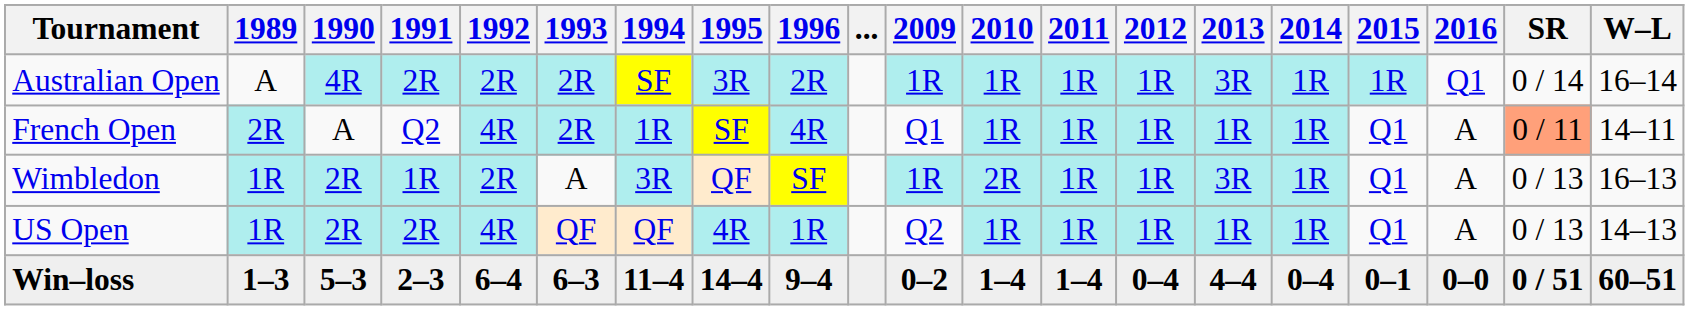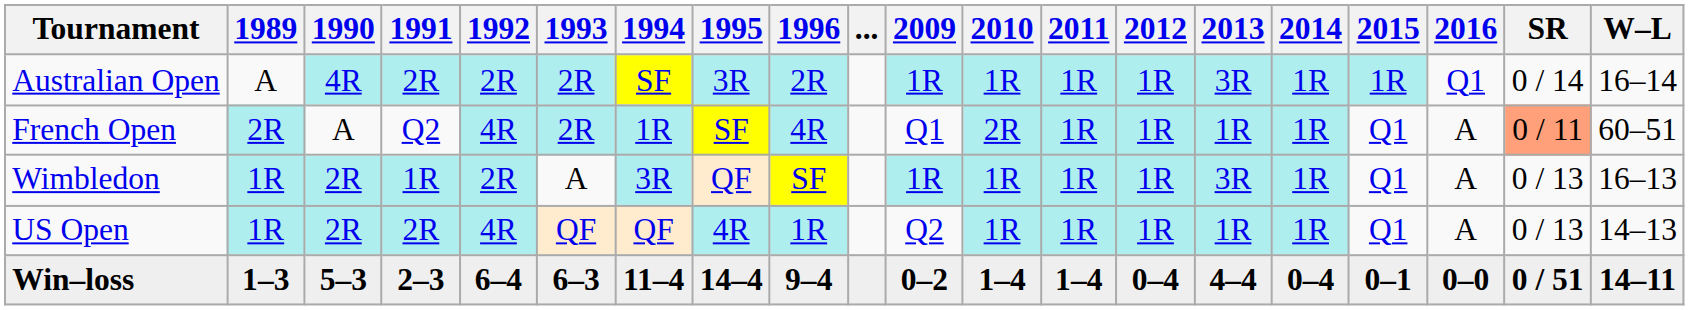 <table class="wikitable" style="text-align:center;">
 <tr>
 <th>Tournament</th>
 <th><a href='#'>1989</a></th>
 <th><a href='#'>1990</a></th>
 <th><a href='#'>1991</a></th>
 <th><a href='#'>1992</a></th>
 <th><a href='#'>1993</a></th>
 <th><a href='#'>1994</a></th>
 <th><a href='#'>1995</a></th>
 <th><a href='#'>1996</a></th>
 <th>...</th>
 <th><a href='#'>2009</a></th>
 <th><a href='#'>2010</a></th>
 <th><a href='#'>2011</a></th>
 <th><a href='#'>2012</a></th>
 <th><a href='#'>2013</a></th>
 <th><a href='#'>2014</a></th>
 <th><a href='#'>2015</a></th>
 <th><a href='#'>2016</a></th>
 <th>SR</th>
 <th>W–L</th>
 </tr>
 <tr>
 <td align="left"><a href='#'>Australian Open</a></td>
 <td>A</td>
 <td bgcolor="#afeeee"><a href='#'>4R</a></td>
 <td bgcolor="#afeeee"><a href='#'>2R</a></td>
 <td bgcolor="#afeeee"><a href='#'>2R</a></td>
 <td bgcolor="#afeeee"><a href='#'>2R</a></td>
 <td bgcolor="yellow"><a href='#'>SF</a></td>
 <td bgcolor="#afeeee"><a href='#'>3R</a></td>
 <td bgcolor="#afeeee"><a href='#'>2R</a></td>
 <td></td>
 <td bgcolor="#afeeee"><a href='#'>1R</a></td>
 <td bgcolor="#afeeee"><a href='#'>1R</a></td>
 <td bgcolor="#afeeee"><a href='#'>1R</a></td>
 <td bgcolor="#afeeee"><a href='#'>1R</a></td>
 <td bgcolor="#afeeee"><a href='#'>3R</a></td>
 <td bgcolor="#afeeee"><a href='#'>1R</a></td>
 <td bgcolor="#afeeee"><a href='#'>1R</a></td>
 <td><a href='#'>Q1</a></td>
 <td>0 / 14</td>
 <td>16–14</td>
 </tr>
 <tr>
 <td align="left"><a href='#'>French Open</a></td>
 <td bgcolor="#afeeee"><a href='#'>2R</a></td>
 <td>A</td>
 <td><a href='#'>Q2</a></td>
 <td bgcolor="#afeeee"><a href='#'>4R</a></td>
 <td bgcolor="#afeeee"><a href='#'>2R</a></td>
 <td bgcolor="#afeeee"><a href='#'>1R</a></td>
 <td bgcolor="yellow"><a href='#'>SF</a></td>
 <td bgcolor="#afeeee"><a href='#'>4R</a></td>
 <td></td>
 <td><a href='#'>Q1</a></td>
-<td bgcolor="#afeeee"><a href='#'>1R</a></td>
+<td bgcolor="#afeeee"><a href='#'>2R</a></td>
 <td bgcolor="#afeeee"><a href='#'>1R</a></td>
 <td bgcolor="#afeeee"><a href='#'>1R</a></td>
 <td bgcolor="#afeeee"><a href='#'>1R</a></td>
 <td bgcolor="#afeeee"><a href='#'>1R</a></td>
 <td><a href='#'>Q1</a></td>
 <td>A</td>
 <td style="background: lightsalmon;">0 / 11</td>
-<td>14–11</td>
+<td>60–51</td>
 </tr>
 <tr>
 <td align="left"><a href='#'>Wimbledon</a></td>
 <td bgcolor="#afeeee"><a href='#'>1R</a></td>
 <td bgcolor="#afeeee"><a href='#'>2R</a></td>
 <td bgcolor="#afeeee"><a href='#'>1R</a></td>
 <td bgcolor="#afeeee"><a href='#'>2R</a></td>
 <td>A</td>
 <td bgcolor="#afeeee"><a href='#'>3R</a></td>
 <td bgcolor="#ffebcd"><a href='#'>QF</a></td>
 <td bgcolor="yellow"><a href='#'>SF</a></td>
 <td></td>
 <td bgcolor="#afeeee"><a href='#'>1R</a></td>
-<td bgcolor="#afeeee"><a href='#'>2R</a></td>
+<td bgcolor="#afeeee"><a href='#'>1R</a></td>
 <td bgcolor="#afeeee"><a href='#'>1R</a></td>
 <td bgcolor="#afeeee"><a href='#'>1R</a></td>
 <td bgcolor="#afeeee"><a href='#'>3R</a></td>
 <td bgcolor="#afeeee"><a href='#'>1R</a></td>
 <td><a href='#'>Q1</a></td>
 <td>A</td>
 <td>0 / 13</td>
 <td>16–13</td>
 </tr>
 <tr>
 <td align="left"><a href='#'>US Open</a></td>
 <td bgcolor="#afeeee"><a href='#'>1R</a></td>
 <td bgcolor="#afeeee"><a href='#'>2R</a></td>
 <td bgcolor="#afeeee"><a href='#'>2R</a></td>
 <td bgcolor="#afeeee"><a href='#'>4R</a></td>
 <td bgcolor="#ffebcd"><a href='#'>QF</a></td>
 <td bgcolor="#ffebcd"><a href='#'>QF</a></td>
 <td bgcolor="#afeeee"><a href='#'>4R</a></td>
 <td bgcolor="#afeeee"><a href='#'>1R</a></td>
 <td></td>
 <td><a href='#'>Q2</a></td>
 <td bgcolor="#afeeee"><a href='#'>1R</a></td>
 <td bgcolor="#afeeee"><a href='#'>1R</a></td>
 <td bgcolor="#afeeee"><a href='#'>1R</a></td>
 <td bgcolor="#afeeee"><a href='#'>1R</a></td>
 <td bgcolor="#afeeee"><a href='#'>1R</a></td>
 <td><a href='#'>Q1</a></td>
 <td>A</td>
 <td>0 / 13</td>
 <td>14–13</td>
 </tr>
 <tr style=background:#efefef;font-weight:bold>
 <td style="text-align:left">Win–loss</td>
 <td>1–3</td>
 <td>5–3</td>
 <td>2–3</td>
 <td>6–4</td>
 <td>6–3</td>
 <td>11–4</td>
 <td>14–4</td>
 <td>9–4</td>
 <td></td>
 <td>0–2</td>
 <td>1–4</td>
 <td>1–4</td>
 <td>0–4</td>
 <td>4–4</td>
 <td>0–4</td>
 <td>0–1</td>
 <td>0–0</td>
 <td>0 / 51</td>
-<td>60–51</td>
+<td>14–11</td>
 </tr>
 </table>
